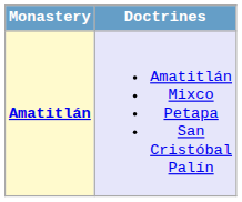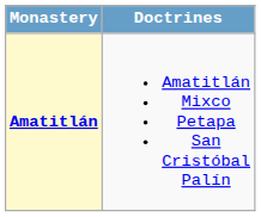 <table class="wikitable sortable" width=28% style="font-size:0.9em; text-align:center;" align=center>
 <tr style="color:white;">
 <th style="background:#659ec7;" align=center>Monastery</th>
 <th style="background:#659ec7;" align=center>Doctrines</th>
 </tr>
 <tr>
 <th style="background:lemonchiffon;"><a href='#'>Amatitlán</a></th>
-<td style="background: lavender;"><br><ul><li><a href='#'>Amatitlán</a></li><li><a href='#'>Mixco</a></li><li><a href='#'>Petapa</a></li><li><a href='#'>San Cristóbal Palín</a></li></ul></td>
+<td><br><ul><li><a href='#'>Amatitlán</a></li><li><a href='#'>Mixco</a></li><li><a href='#'>Petapa</a></li><li><a href='#'>San Cristóbal Palín</a></li></ul></td>
 </tr>
 </table>
